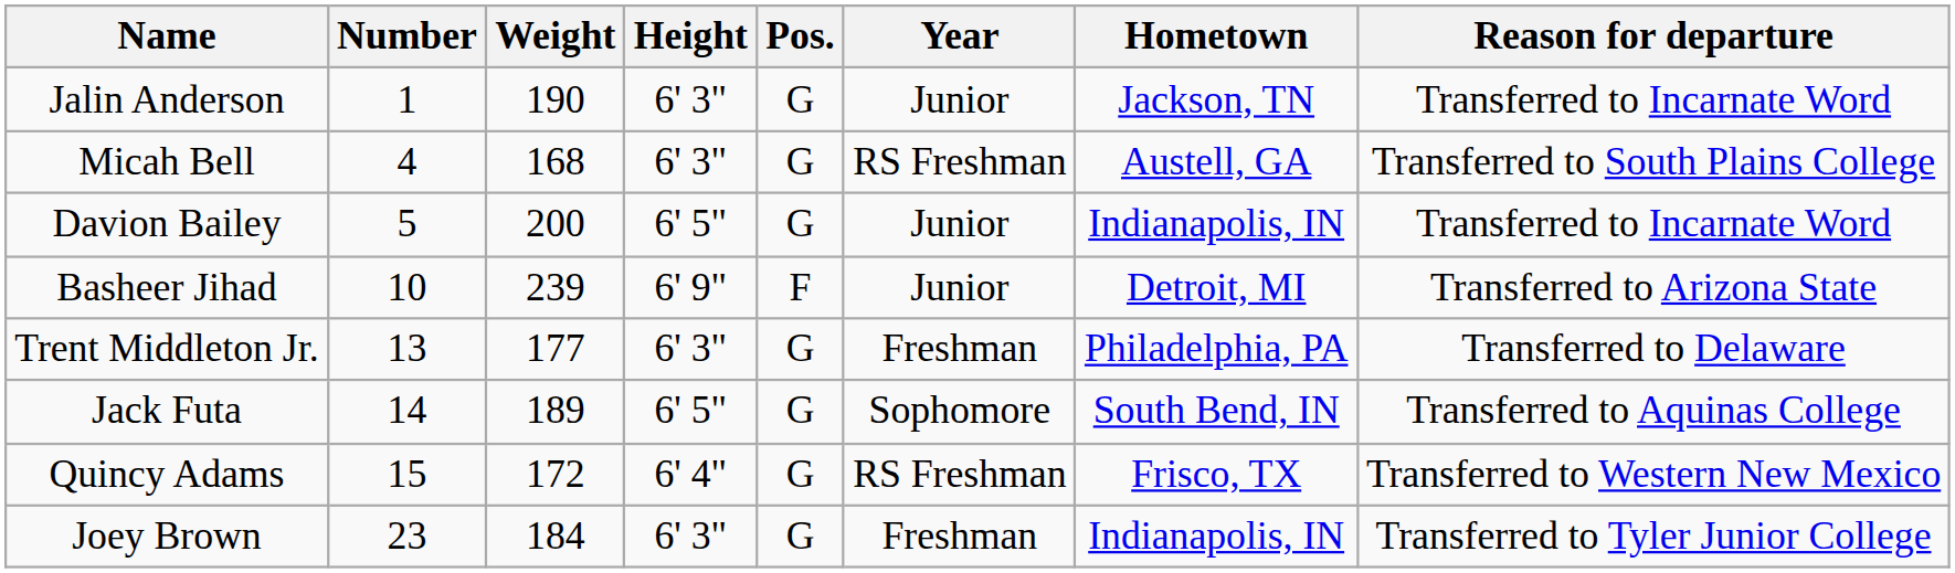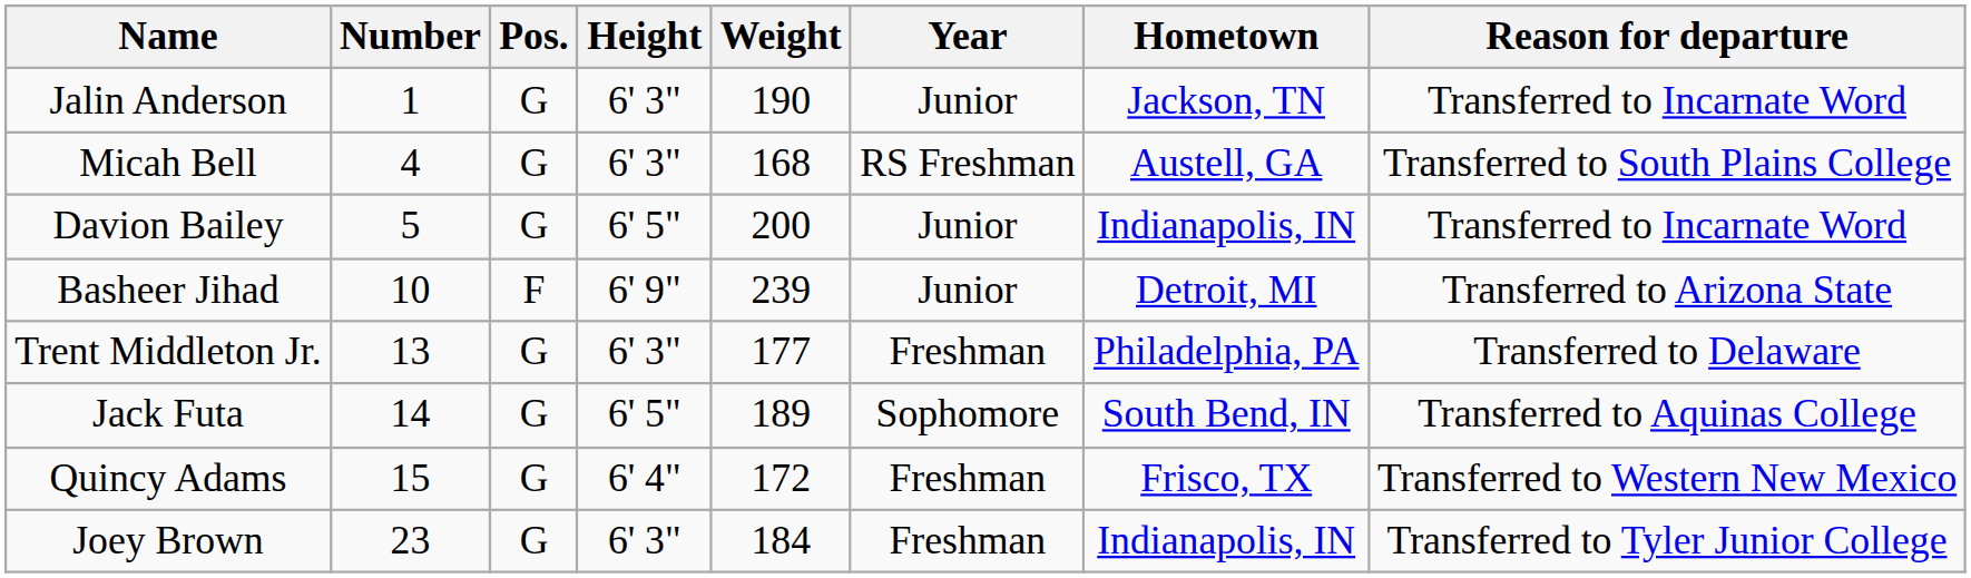 <table class="wikitable sortable" style="text-align:center">
 <tr align=center>
 <th>Name</th>
 <th>Number</th>
+<th>Pos.</th>
+<th>Height</th>
 <th>Weight</th>
-<th>Height</th>
-<th>Pos.</th>
 <th>Year</th>
 <th>Hometown</th>
 <th class="unsortable">Reason for departure</th>
 </tr>
 <tr>
 <td>Jalin Anderson</td>
 <td>1</td>
+<td>G</td>
+<td>6' 3"</td>
 <td>190</td>
-<td>6' 3"</td>
-<td>G</td>
 <td>Junior</td>
 <td><a href='#'>Jackson, TN</a></td>
 <td>Transferred to <a href='#'>Incarnate Word</a></td>
 </tr>
 <tr>
 <td>Micah Bell</td>
 <td>4</td>
+<td>G</td>
+<td>6' 3"</td>
 <td>168</td>
-<td>6' 3"</td>
-<td>G</td>
 <td>RS Freshman</td>
 <td><a href='#'>Austell, GA</a></td>
 <td>Transferred to <a href='#'>South Plains College</a></td>
 </tr>
 <tr>
 <td>Davion Bailey</td>
 <td>5</td>
+<td>G</td>
+<td>6' 5"</td>
 <td>200</td>
-<td>6' 5"</td>
-<td>G</td>
 <td>Junior</td>
 <td><a href='#'>Indianapolis, IN</a></td>
 <td>Transferred to <a href='#'>Incarnate Word</a></td>
 </tr>
 <tr>
 <td>Basheer Jihad</td>
 <td>10</td>
+<td>F</td>
+<td>6' 9"</td>
 <td>239</td>
-<td>6' 9"</td>
-<td>F</td>
 <td>Junior</td>
 <td><a href='#'>Detroit, MI</a></td>
 <td>Transferred to <a href='#'>Arizona State</a></td>
 </tr>
 <tr>
 <td>Trent Middleton Jr.</td>
 <td>13</td>
+<td>G</td>
+<td>6' 3"</td>
 <td>177</td>
-<td>6' 3"</td>
-<td>G</td>
 <td>Freshman</td>
 <td><a href='#'>Philadelphia, PA</a></td>
 <td>Transferred to <a href='#'>Delaware</a></td>
 </tr>
 <tr>
 <td>Jack Futa</td>
 <td>14</td>
+<td>G</td>
+<td>6' 5"</td>
 <td>189</td>
-<td>6' 5"</td>
-<td>G</td>
 <td>Sophomore</td>
 <td><a href='#'>South Bend, IN</a></td>
 <td>Transferred to <a href='#'>Aquinas College</a></td>
 </tr>
 <tr>
 <td>Quincy Adams</td>
 <td>15</td>
+<td>G</td>
+<td>6' 4"</td>
 <td>172</td>
-<td>6' 4"</td>
-<td>G</td>
-<td>RS Freshman</td>
+<td>Freshman</td>
 <td><a href='#'>Frisco, TX</a></td>
 <td>Transferred to <a href='#'>Western New Mexico</a></td>
 </tr>
 <tr>
 <td>Joey Brown</td>
 <td>23</td>
+<td>G</td>
+<td>6' 3"</td>
 <td>184</td>
-<td>6' 3"</td>
-<td>G</td>
 <td>Freshman</td>
 <td><a href='#'>Indianapolis, IN</a></td>
 <td>Transferred to <a href='#'>Tyler Junior College</a></td>
 </tr>
 </table>
